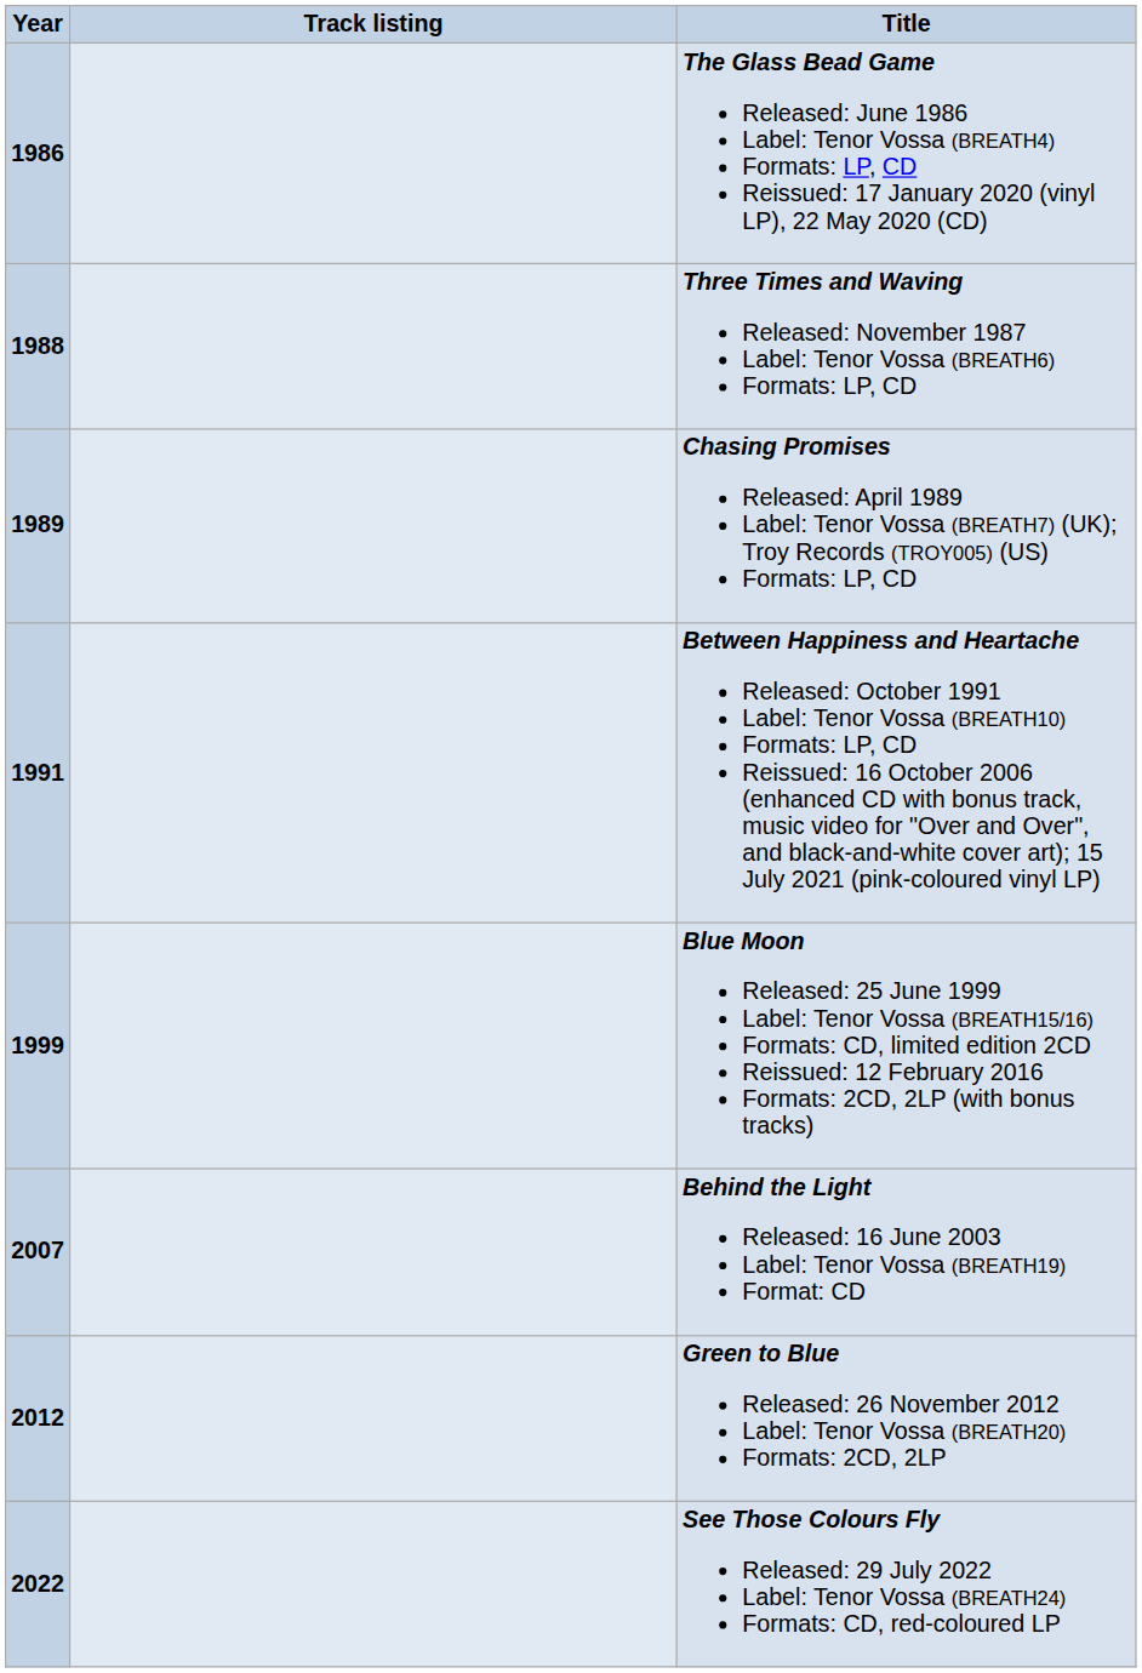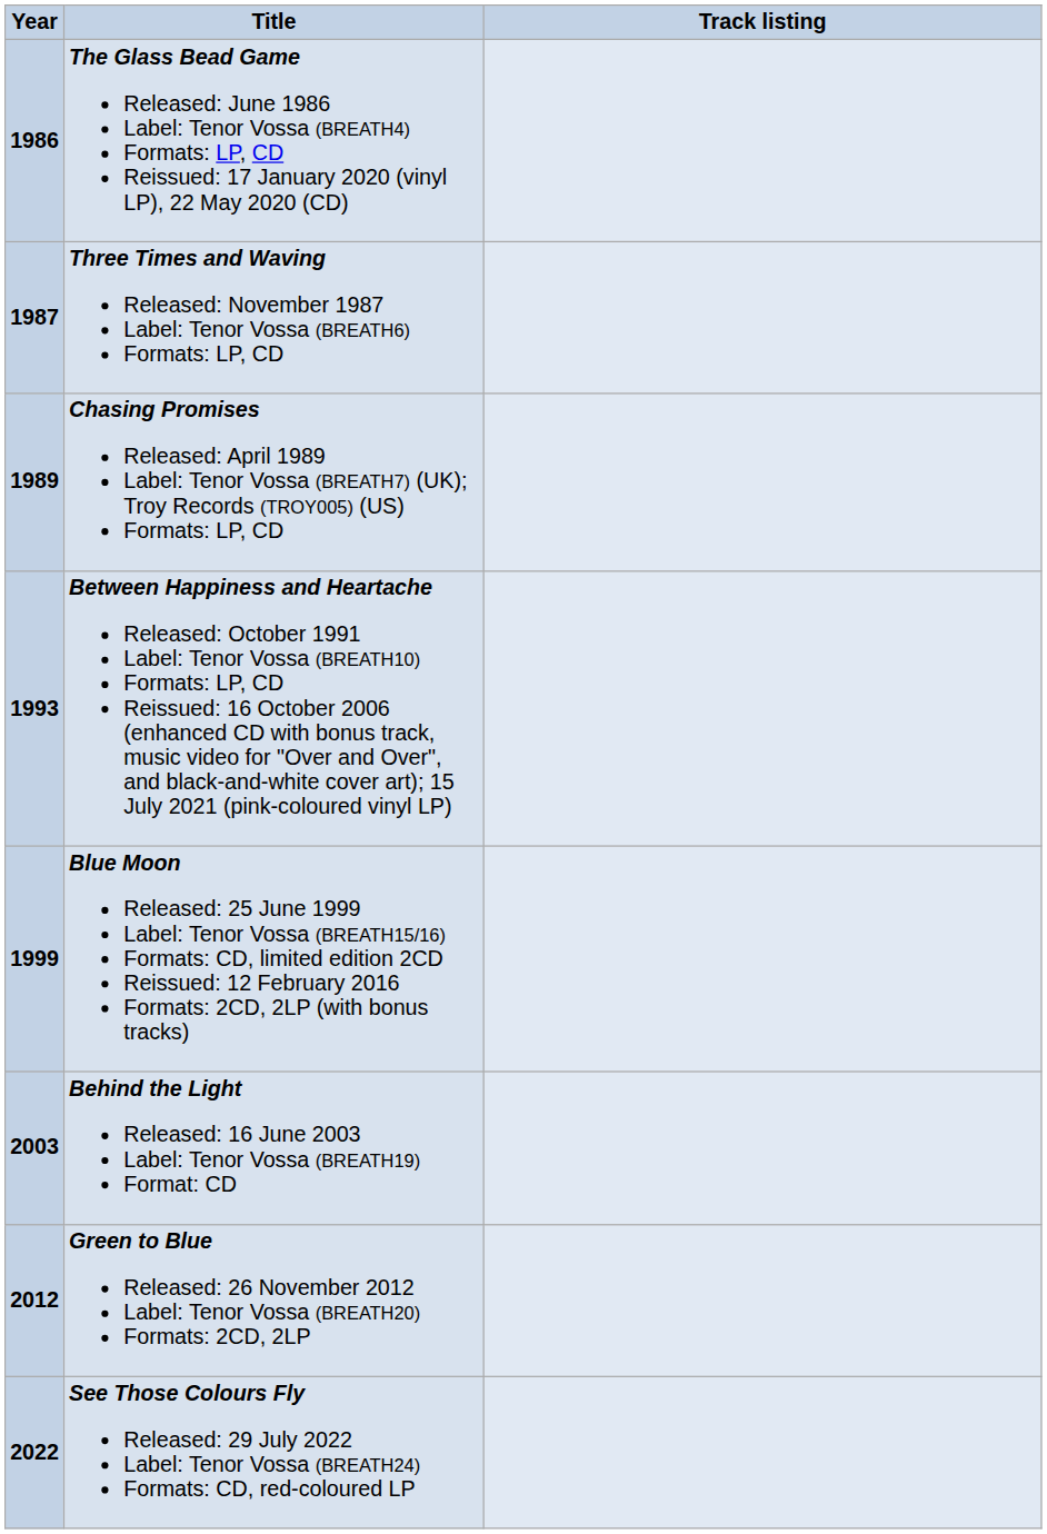 <table class="wikitable" style="text-align:center; background-color: #e1e9f3">
 <tr>
 <th width="15" style="background: #c2d2e5">Year</th>
+<th width="300" style="background: #c2d2e5">Title</th>
 <th width="400" style="background: #c2d2e5">Track listing</th>
-<th width="300" style="background: #c2d2e5">Title</th>
 </tr>
 <tr>
 <td style="background: #c2d2e5"><strong>1986</strong></td>
+<td style="background: #d8e2ee" align="left"><strong><em>The Glass Bead Game</em></strong><br><ul><li>Released: June 1986</li><li>Label: Tenor Vossa <small>(BREATH4)</small></li><li>Formats: <a href='#'>LP</a>, <a href='#'>CD</a></li><li>Reissued: 17 January 2020 (vinyl LP), 22 May 2020 (CD)</li></ul></td>
 <td></td>
-<td style="background: #d8e2ee" align="left"><strong><em>The Glass Bead Game</em></strong><br><ul><li>Released: June 1986</li><li>Label: Tenor Vossa <small>(BREATH4)</small></li><li>Formats: <a href='#'>LP</a>, <a href='#'>CD</a></li><li>Reissued: 17 January 2020 (vinyl LP), 22 May 2020 (CD)</li></ul></td>
 </tr>
 <tr>
-<td style="background: #c2d2e5"><strong>1988</strong></td>
+<td style="background: #c2d2e5"><strong>1987</strong></td>
+<td style="background: #d8e2ee" align="left"><strong><em>Three Times and Waving</em></strong><br><ul><li>Released: November 1987</li><li>Label: Tenor Vossa <small>(BREATH6)</small></li><li>Formats: LP, CD</li></ul></td>
 <td></td>
-<td style="background: #d8e2ee" align="left"><strong><em>Three Times and Waving</em></strong><br><ul><li>Released: November 1987</li><li>Label: Tenor Vossa <small>(BREATH6)</small></li><li>Formats: LP, CD</li></ul></td>
 </tr>
 <tr>
 <td style="background: #c2d2e5"><strong>1989</strong></td>
+<td style="background: #d8e2ee" align="left"><strong><em>Chasing Promises</em></strong><br><ul><li>Released: April 1989</li><li>Label: Tenor Vossa <small>(BREATH7)</small> (UK);<br>Troy Records <small>(TROY005)</small> (US)</li><li>Formats: LP, CD</li></ul></td>
 <td></td>
-<td style="background: #d8e2ee" align="left"><strong><em>Chasing Promises</em></strong><br><ul><li>Released: April 1989</li><li>Label: Tenor Vossa <small>(BREATH7)</small> (UK);<br>Troy Records <small>(TROY005)</small> (US)</li><li>Formats: LP, CD</li></ul></td>
 </tr>
 <tr>
-<td style="background: #c2d2e5"><strong>1991</strong></td>
+<td style="background: #c2d2e5"><strong>1993</strong></td>
+<td style="background: #d8e2ee" align="left"><strong><em>Between Happiness and Heartache</em></strong><br><ul><li>Released: October 1991</li><li>Label: Tenor Vossa <small>(BREATH10)</small></li><li>Formats: LP, CD</li><li>Reissued: 16 October 2006 (enhanced CD with bonus track, music video for "Over and Over", and black-and-white cover art); 15 July 2021 (pink-coloured vinyl LP)</li></ul></td>
 <td></td>
-<td style="background: #d8e2ee" align="left"><strong><em>Between Happiness and Heartache</em></strong><br><ul><li>Released: October 1991</li><li>Label: Tenor Vossa <small>(BREATH10)</small></li><li>Formats: LP, CD</li><li>Reissued: 16 October 2006 (enhanced CD with bonus track, music video for "Over and Over", and black-and-white cover art); 15 July 2021 (pink-coloured vinyl LP)</li></ul></td>
 </tr>
 <tr>
 <td style="background: #c2d2e5"><strong>1999</strong></td>
+<td style="background: #d8e2ee" align="left"><strong><em>Blue Moon</em></strong><br><ul><li>Released: 25 June 1999</li><li>Label: Tenor Vossa <small>(BREATH15/16)</small></li><li>Formats: CD, limited edition 2CD</li><li>Reissued: 12 February 2016</li><li>Formats: 2CD, 2LP (with bonus tracks)</li></ul></td>
 <td><br>  </td>
-<td style="background: #d8e2ee" align="left"><strong><em>Blue Moon</em></strong><br><ul><li>Released: 25 June 1999</li><li>Label: Tenor Vossa <small>(BREATH15/16)</small></li><li>Formats: CD, limited edition 2CD</li><li>Reissued: 12 February 2016</li><li>Formats: 2CD, 2LP (with bonus tracks)</li></ul></td>
 </tr>
 <tr>
-<td style="background: #c2d2e5"><strong>2007</strong></td>
+<td style="background: #c2d2e5"><strong>2003</strong></td>
+<td style="background: #d8e2ee" align="left"><strong><em>Behind the Light</em></strong><br><ul><li>Released: 16 June 2003</li><li>Label: Tenor Vossa <small>(BREATH19)</small></li><li>Format: CD</li></ul></td>
 <td></td>
-<td style="background: #d8e2ee" align="left"><strong><em>Behind the Light</em></strong><br><ul><li>Released: 16 June 2003</li><li>Label: Tenor Vossa <small>(BREATH19)</small></li><li>Format: CD</li></ul></td>
 </tr>
 <tr>
 <td style="background: #c2d2e5"><strong>2012</strong></td>
+<td style="background: #d8e2ee" align="left"><strong><em>Green to Blue</em></strong><br><ul><li>Released: 26 November 2012</li><li>Label: Tenor Vossa <small>(BREATH20)</small></li><li>Formats: 2CD, 2LP</li></ul></td>
 <td><br></td>
-<td style="background: #d8e2ee" align="left"><strong><em>Green to Blue</em></strong><br><ul><li>Released: 26 November 2012</li><li>Label: Tenor Vossa <small>(BREATH20)</small></li><li>Formats: 2CD, 2LP</li></ul></td>
 </tr>
 <tr>
 <td style="background: #c2d2e5"><strong>2022</strong></td>
+<td style="background: #d8e2ee" align="left"><strong><em>See Those Colours Fly</em></strong><br><ul><li>Released: 29 July 2022</li><li>Label: Tenor Vossa <small>(BREATH24)</small></li><li>Formats: CD, red-coloured LP</li></ul></td>
 <td></td>
-<td style="background: #d8e2ee" align="left"><strong><em>See Those Colours Fly</em></strong><br><ul><li>Released: 29 July 2022</li><li>Label: Tenor Vossa <small>(BREATH24)</small></li><li>Formats: CD, red-coloured LP</li></ul></td>
 </tr>
 </table>
